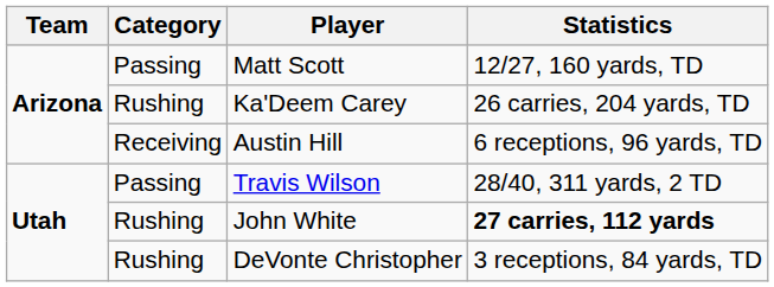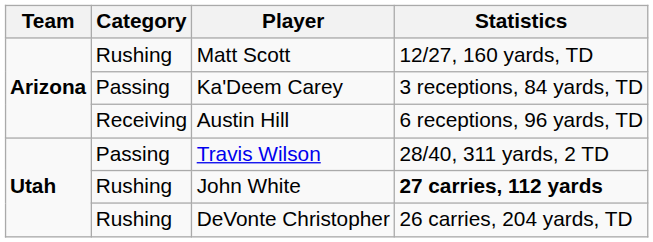 <table class="wikitable" style="float: right;">
 <tr>
 <th>Team</th>
 <th>Category</th>
 <th>Player</th>
 <th>Statistics</th>
 </tr>
 <tr>
 <td rowspan=3><strong>Arizona</strong></td>
-<td>Passing</td>
+<td>Rushing</td>
 <td>Matt Scott</td>
 <td>12/27, 160 yards, TD</td>
 </tr>
 <tr>
-<td>Rushing</td>
+<td>Passing</td>
 <td>Ka'Deem Carey</td>
-<td>26 carries, 204 yards, TD</td>
+<td>3 receptions, 84 yards, TD</td>
 </tr>
 <tr>
 <td>Receiving</td>
 <td>Austin Hill</td>
 <td>6 receptions, 96 yards, TD</td>
 </tr>
 <tr>
 <td rowspan=3><strong>Utah</strong></td>
 <td>Passing</td>
 <td><a href='#'>Travis Wilson</a></td>
 <td>28/40, 311 yards, 2 TD</td>
 </tr>
 <tr>
 <td>Rushing</td>
 <td>John White</td>
 <td><strong>27 carries, 112 yards</strong></td>
 </tr>
 <tr>
 <td>Rushing</td>
 <td>DeVonte Christopher</td>
-<td>3 receptions, 84 yards, TD</td>
+<td>26 carries, 204 yards, TD</td>
 </tr>
 </table>
